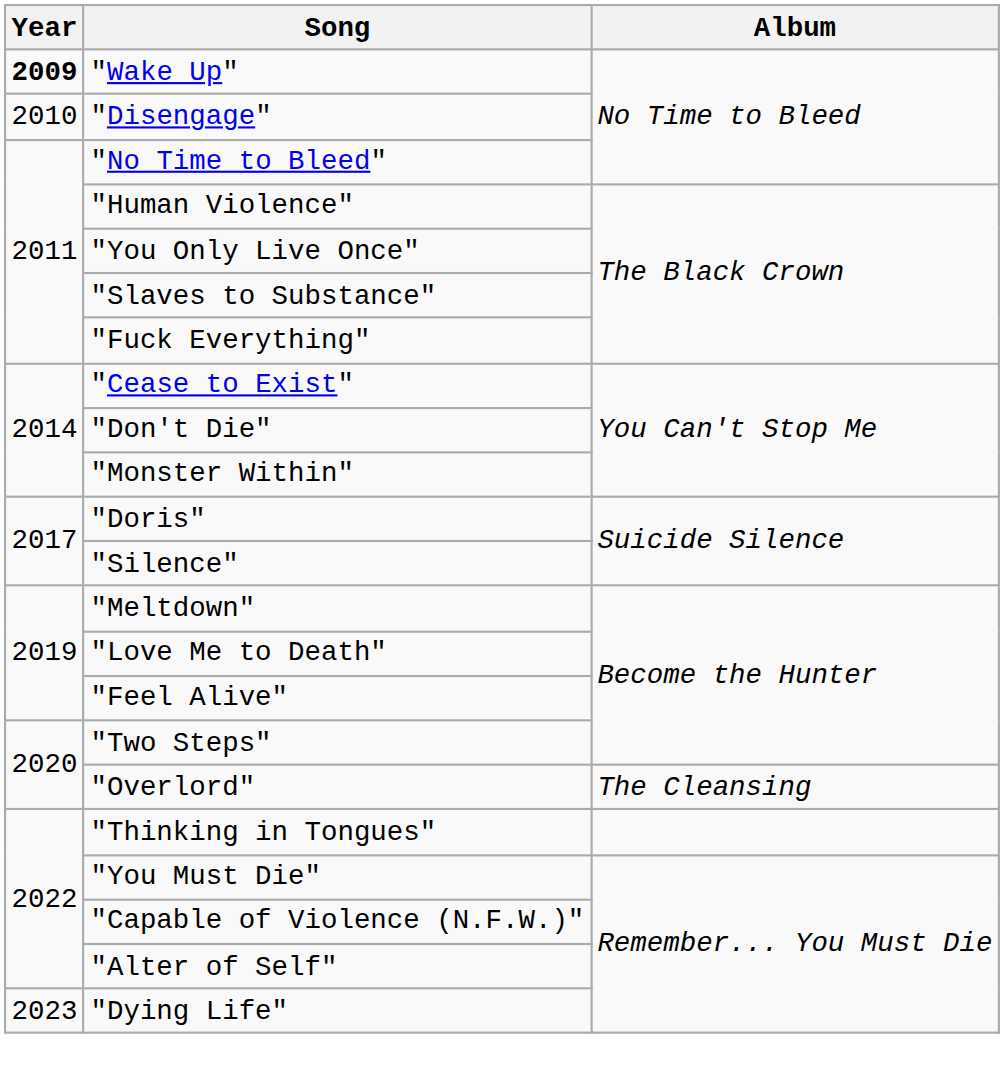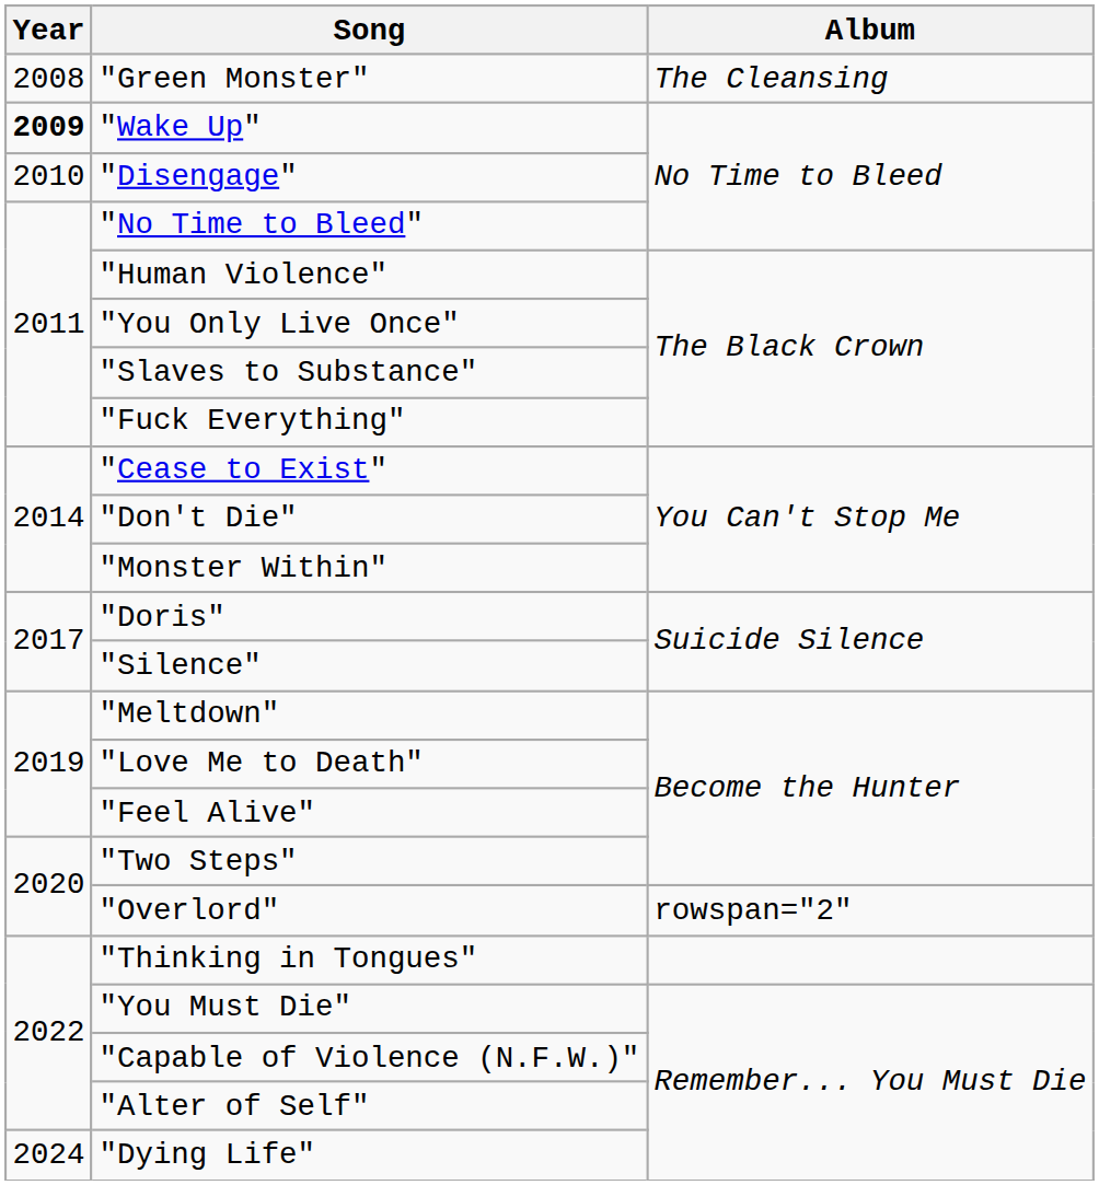 <table class=wikitable>
 <tr>
 <th>Year</th>
 <th>Song</th>
 <th>Album</th>
+</tr>
+<tr>
+<td>2008</td>
+<td>"Green Monster"</td>
+<td><em>The Cleansing</em></td>
 </tr>
 <tr>
 <td><strong>2009</strong></td>
 <td>"<a href='#'>Wake Up</a>"</td>
 <td rowspan=3><em>No Time to Bleed</em></td>
 </tr>
 <tr>
 <td>2010</td>
 <td>"<a href='#'>Disengage</a>"</td>
 </tr>
 <tr>
 <td rowspan=5>2011</td>
 <td>"<a href='#'>No Time to Bleed</a>"</td>
 </tr>
 <tr>
 <td>"Human Violence"</td>
 <td rowspan=4><em>The Black Crown</em></td>
 </tr>
 <tr>
 <td>"You Only Live Once"</td>
 </tr>
 <tr>
 <td>"Slaves to Substance"</td>
 </tr>
 <tr>
 <td>"Fuck Everything"</td>
 </tr>
 <tr>
 <td rowspan="3">2014</td>
 <td>"<a href='#'>Cease to Exist</a>"</td>
 <td rowspan="3"><em>You Can't Stop Me</em></td>
 </tr>
 <tr>
 <td>"Don't Die"</td>
 </tr>
 <tr>
 <td>"Monster Within"</td>
 </tr>
 <tr>
 <td rowspan="2">2017</td>
 <td>"Doris"</td>
 <td rowspan="2"><em>Suicide Silence</em></td>
 </tr>
 <tr>
 <td>"Silence"</td>
 </tr>
 <tr>
 <td rowspan="3">2019</td>
 <td>"Meltdown"</td>
 <td rowspan="4"><em>Become the Hunter</em></td>
 </tr>
 <tr>
 <td>"Love Me to Death"</td>
 </tr>
 <tr>
 <td>"Feel Alive"</td>
 </tr>
 <tr>
 <td rowspan="2">2020</td>
 <td>"Two Steps"</td>
 </tr>
 <tr>
 <td>"Overlord"</td>
-<td><em>The Cleansing</em></td>
+<td>rowspan="2" </td>
 </tr>
 <tr>
 <td rowspan="4">2022</td>
 <td>"Thinking in Tongues"</td>
 </tr>
 <tr>
 <td>"You Must Die"</td>
 <td rowspan="4"><em>Remember... You Must Die</em></td>
 </tr>
 <tr>
 <td>"Capable of Violence (N.F.W.)"</td>
 </tr>
 <tr>
 <td>"Alter of Self"</td>
 </tr>
 <tr>
-<td>2023</td>
+<td>2024</td>
 <td>"Dying Life"</td>
 </tr>
 </table>
